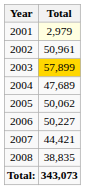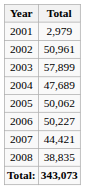 <table class="wikitable sortable" style="text-align: center;">
 <tr>
 <th>Year</th>
 <th>Total</th>
 </tr>
 <tr>
 <td>2001</td>
-<td style="background: lightyellow;">2,979</td>
+<td>2,979</td>
 </tr>
 <tr>
 <td>2002</td>
 <td>50,961</td>
 </tr>
 <tr>
 <td>2003</td>
-<td style="background: gold;">57,899</td>
+<td>57,899</td>
 </tr>
 <tr>
 <td>2004</td>
 <td>47,689</td>
 </tr>
 <tr>
 <td>2005</td>
 <td>50,062</td>
 </tr>
 <tr>
 <td>2006</td>
 <td>50,227</td>
 </tr>
 <tr>
 <td>2007</td>
 <td>44,421</td>
 </tr>
 <tr>
 <td>2008</td>
 <td>38,835</td>
 </tr>
 <tr>
 <td><strong>Total:</strong></td>
 <td><strong>343,073</strong></td>
 </tr>
 </table>
